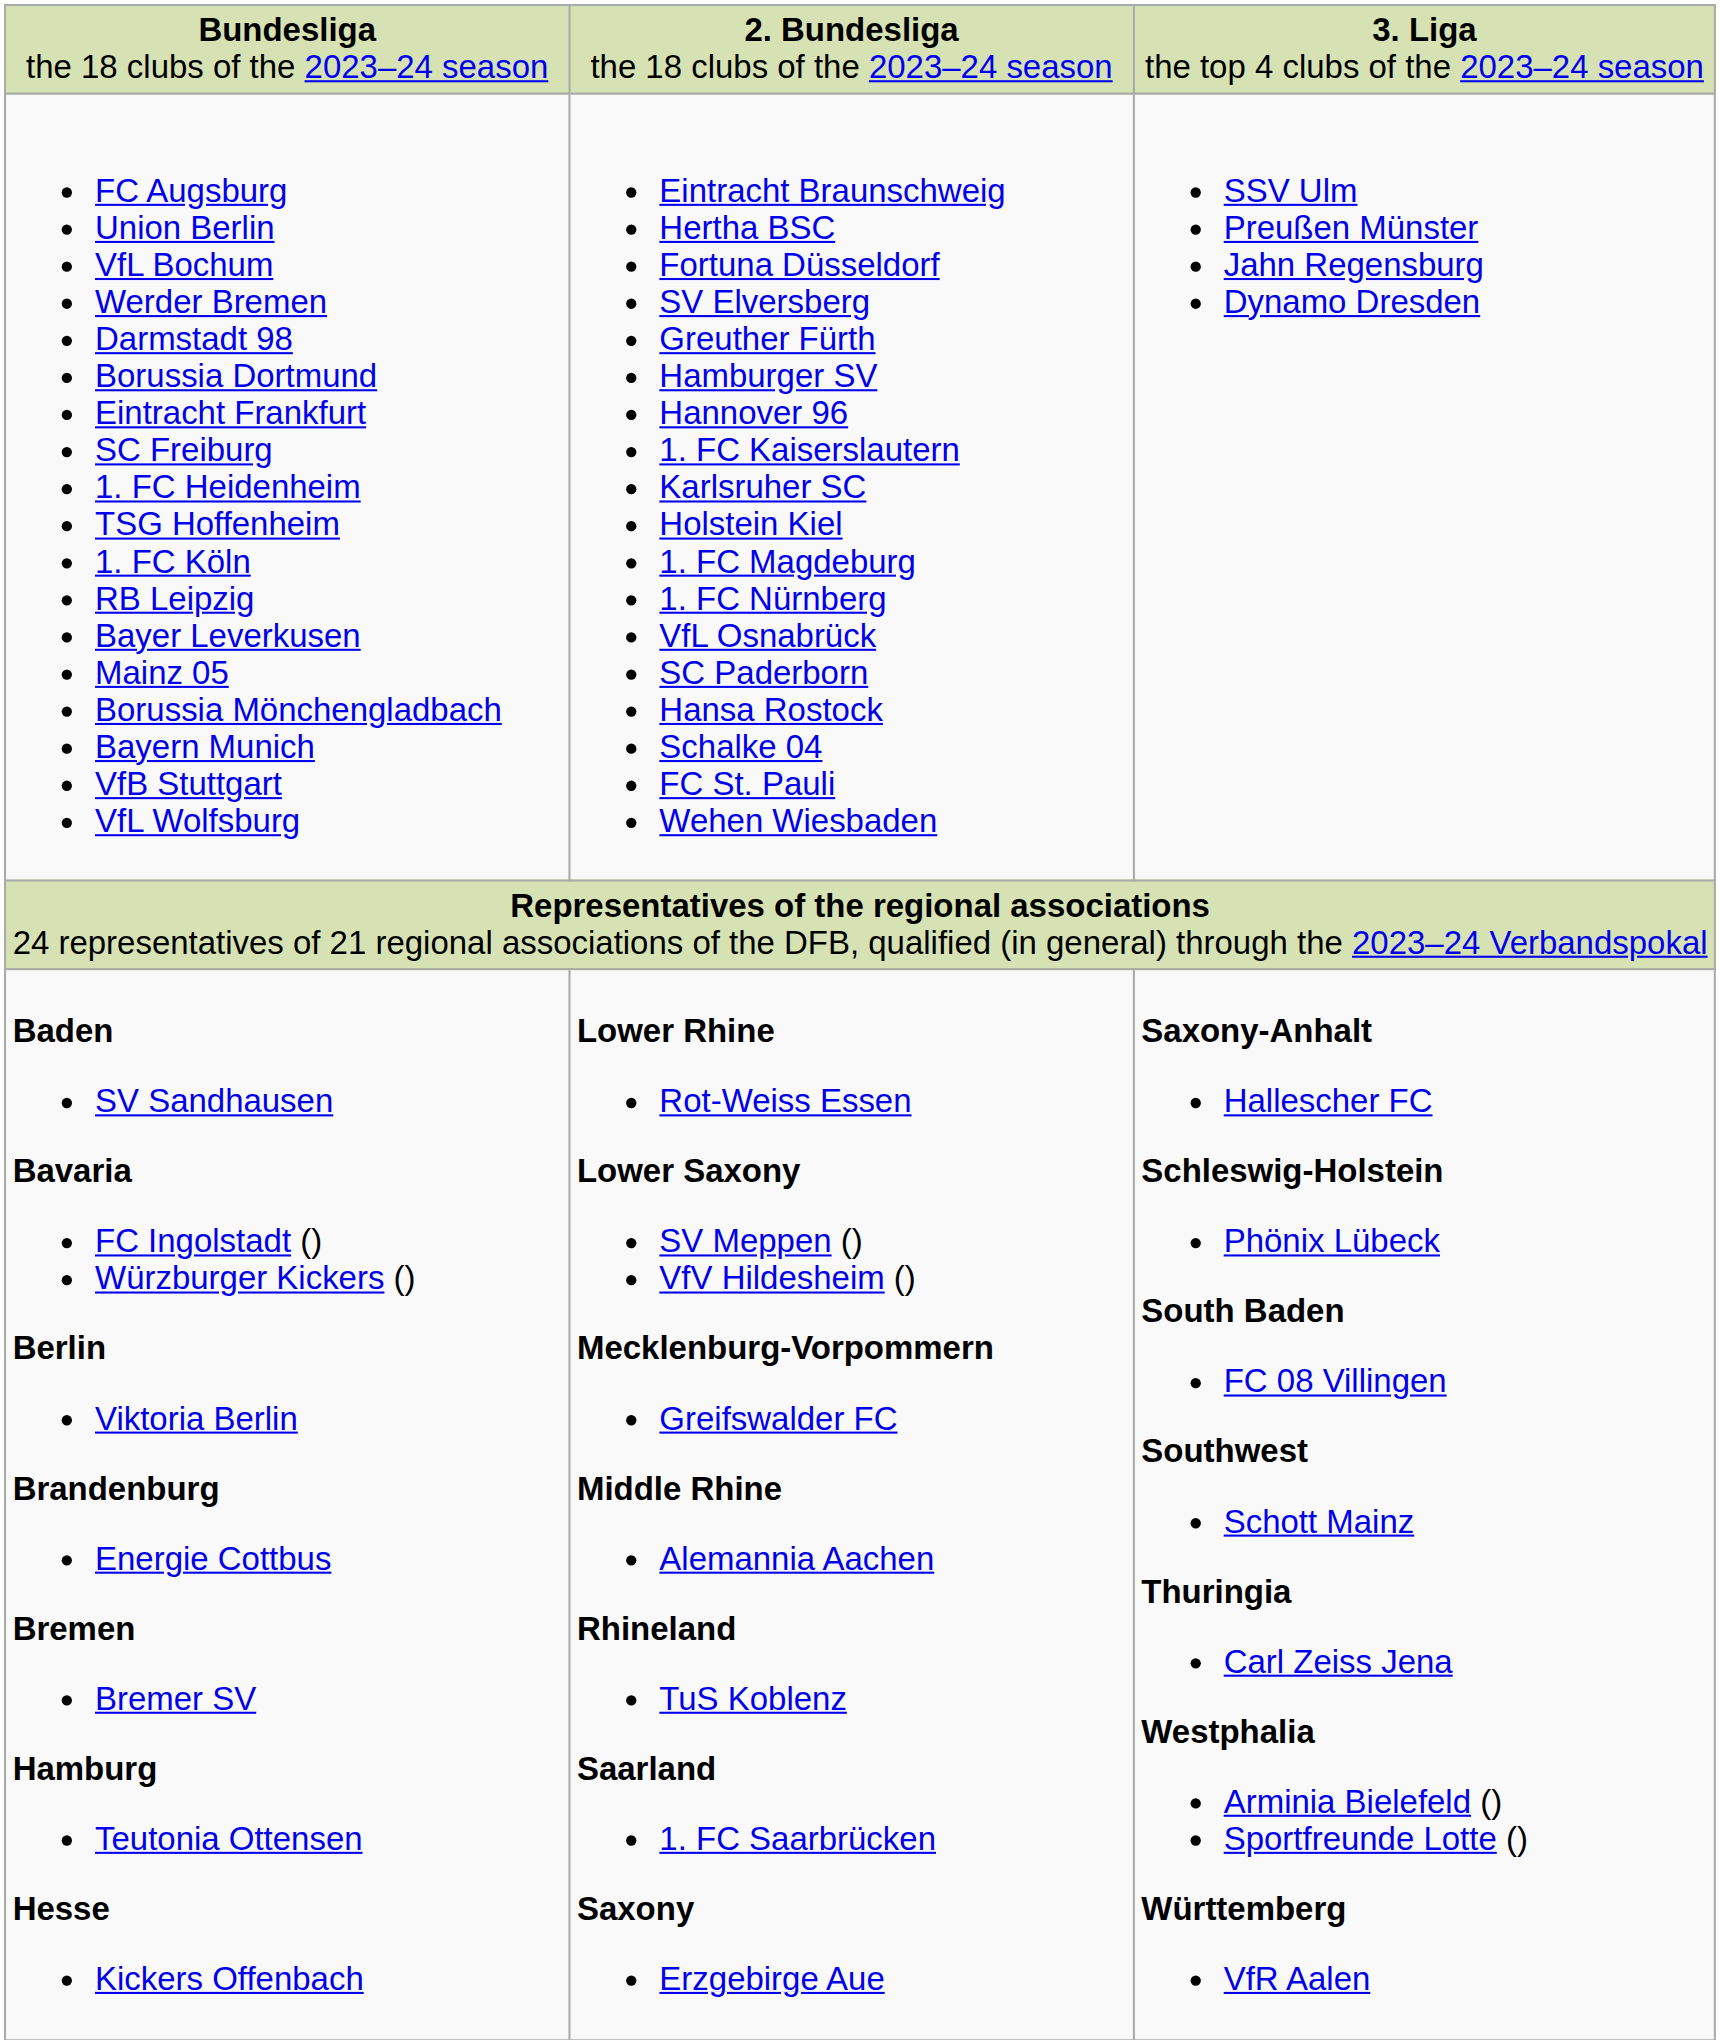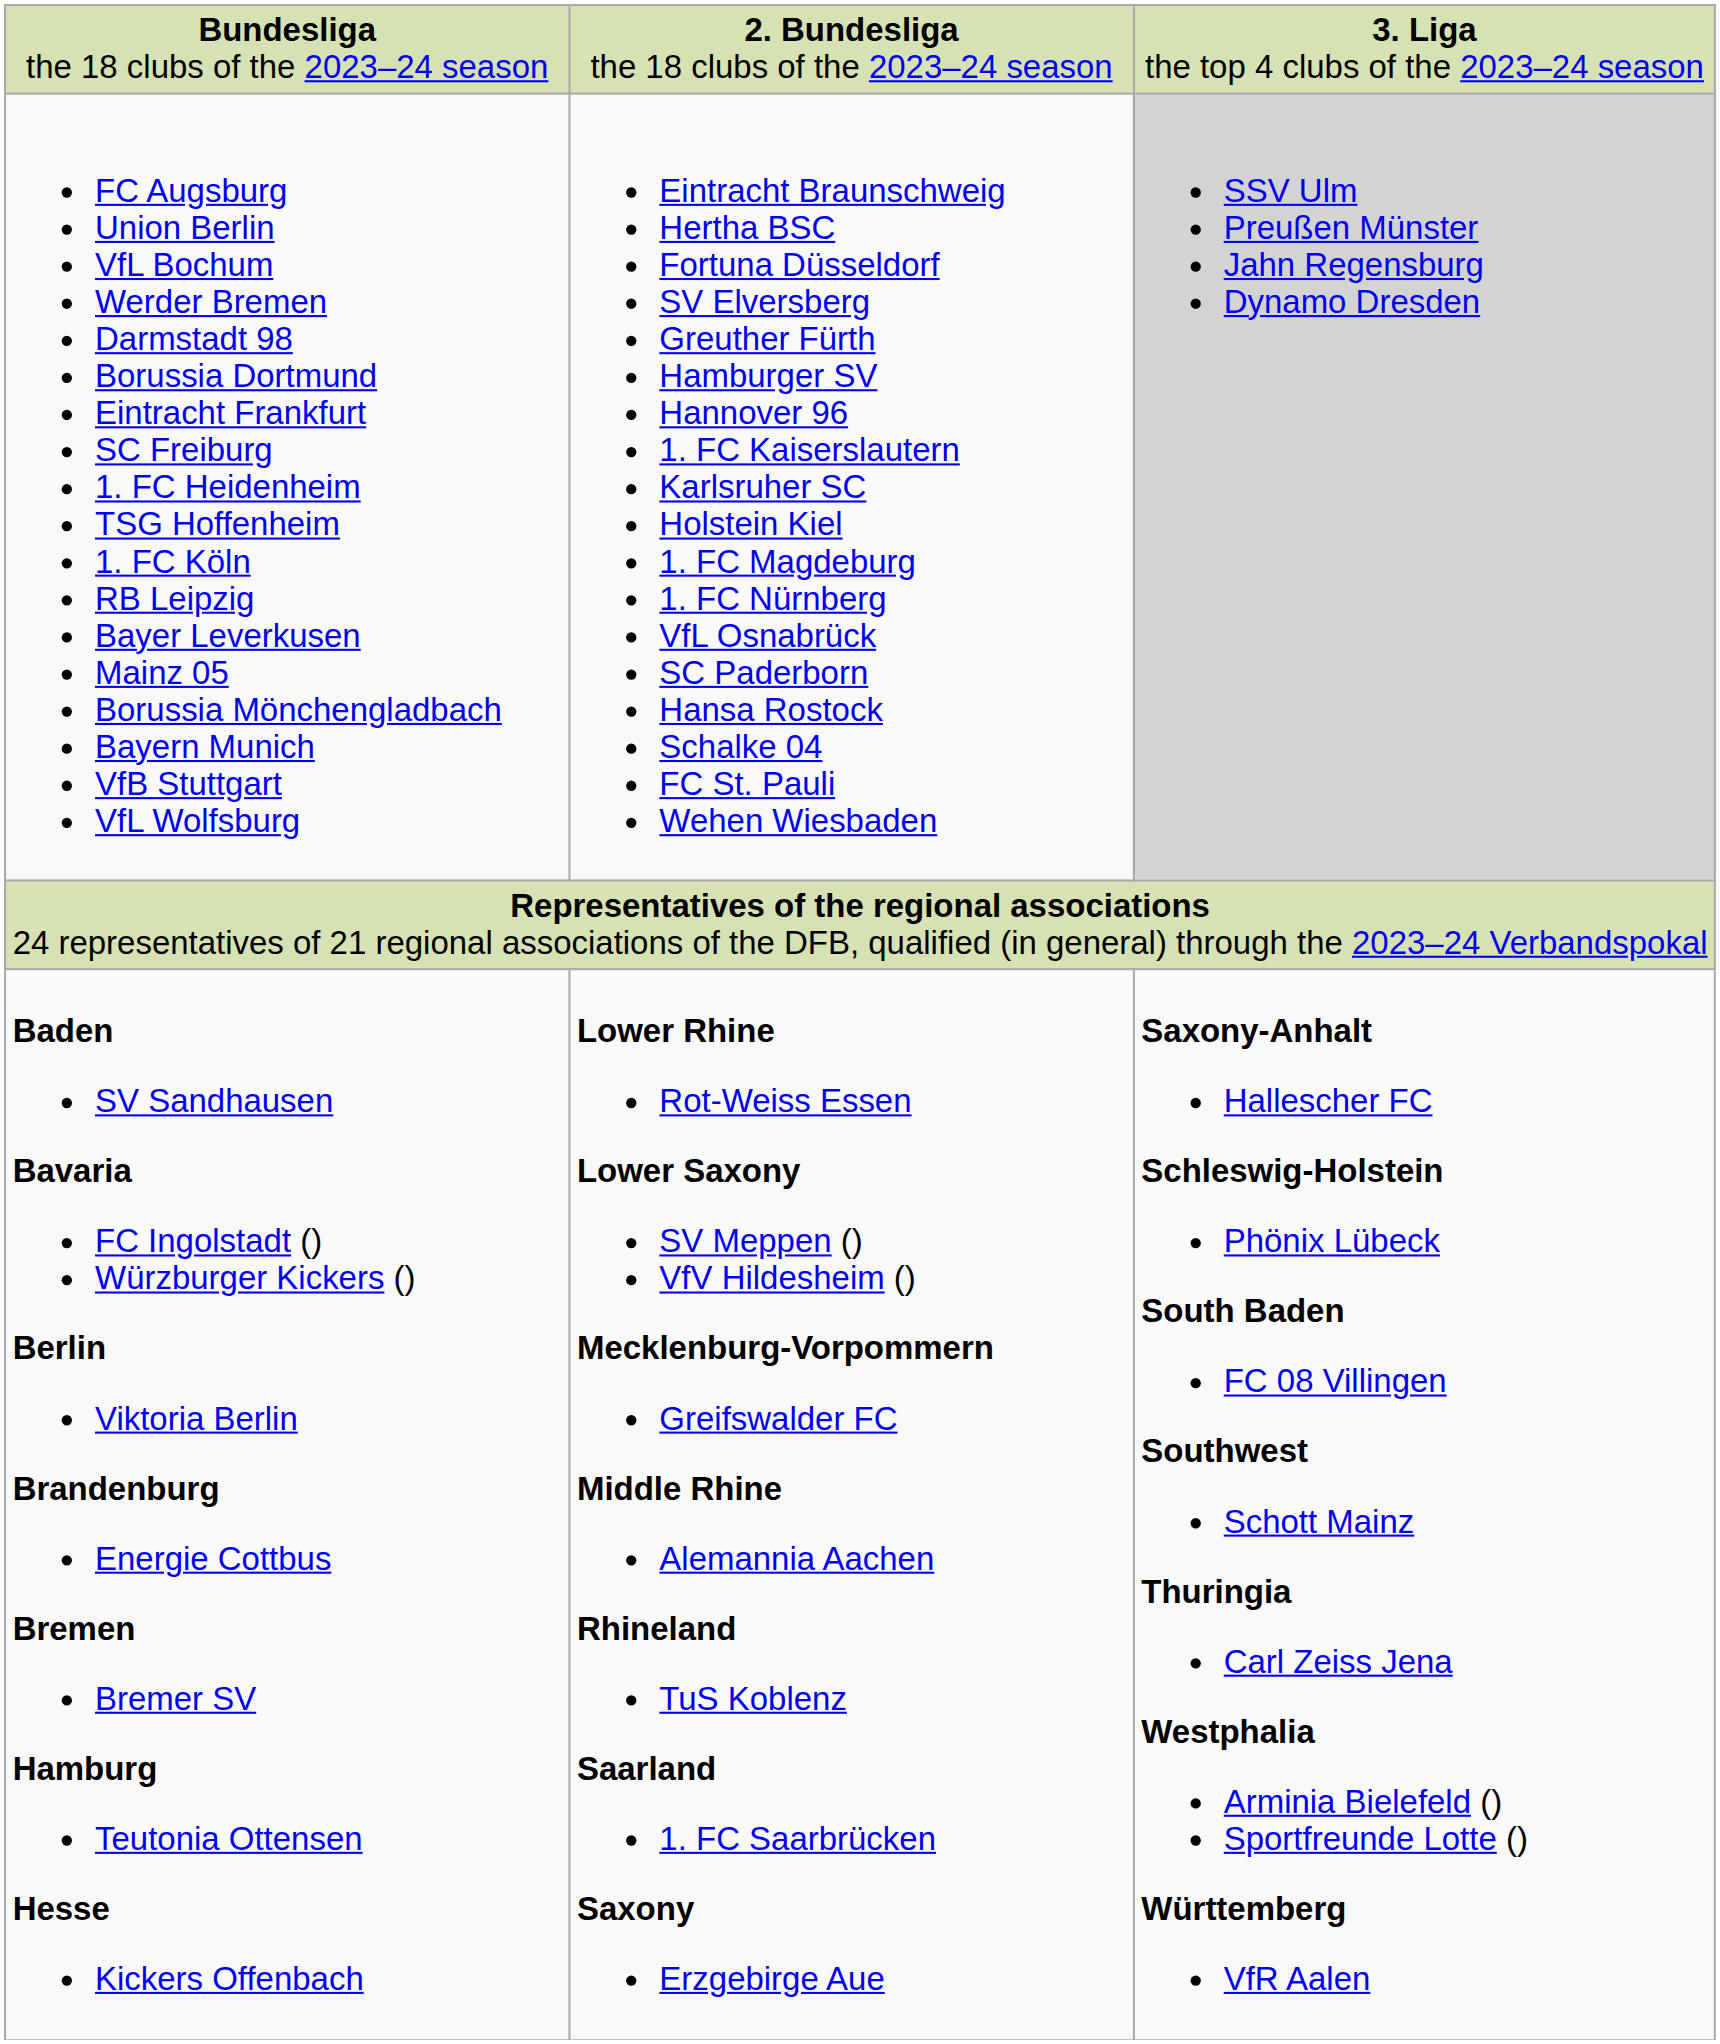 <table class="wikitable">
 <tr style="background:#D6E2B3; text-align:center; vertical-align:top;">
 <td style="width:33%"><strong>Bundesliga</strong><br>the 18 clubs of the <a href='#'>2023–24 season</a></td>
 <td style="width:33%"><strong>2. Bundesliga</strong><br>the 18 clubs of the <a href='#'>2023–24 season</a></td>
 <td style="width:34%"><strong>3. Liga</strong><br>the top 4 clubs of the <a href='#'>2023–24 season</a></td>
 </tr>
 <tr style="vertical-align:top">
 <td><br><ul><li><a href='#'>FC Augsburg</a></li><li><a href='#'>Union Berlin</a></li><li><a href='#'>VfL Bochum</a></li><li><a href='#'>Werder Bremen</a></li><li><a href='#'>Darmstadt 98</a></li><li><a href='#'>Borussia Dortmund</a></li><li><a href='#'>Eintracht Frankfurt</a></li><li><a href='#'>SC Freiburg</a></li><li><a href='#'>1. FC Heidenheim</a></li><li><a href='#'>TSG Hoffenheim</a></li><li><a href='#'>1. FC Köln</a></li><li><a href='#'>RB Leipzig</a></li><li><a href='#'>Bayer Leverkusen</a></li><li><a href='#'>Mainz 05</a></li><li><a href='#'>Borussia Mönchengladbach</a></li><li><a href='#'>Bayern Munich</a></li><li><a href='#'>VfB Stuttgart</a></li><li><a href='#'>VfL Wolfsburg</a></li></ul></td>
 <td><br><ul><li><a href='#'>Eintracht Braunschweig</a></li><li><a href='#'>Hertha BSC</a></li><li><a href='#'>Fortuna Düsseldorf</a></li><li><a href='#'>SV Elversberg</a></li><li><a href='#'>Greuther Fürth</a></li><li><a href='#'>Hamburger SV</a></li><li><a href='#'>Hannover 96</a></li><li><a href='#'>1. FC Kaiserslautern</a></li><li><a href='#'>Karlsruher SC</a></li><li><a href='#'>Holstein Kiel</a></li><li><a href='#'>1. FC Magdeburg</a></li><li><a href='#'>1. FC Nürnberg</a></li><li><a href='#'>VfL Osnabrück</a></li><li><a href='#'>SC Paderborn</a></li><li><a href='#'>Hansa Rostock</a></li><li><a href='#'>Schalke 04</a></li><li><a href='#'>FC St. Pauli</a></li><li><a href='#'>Wehen Wiesbaden</a></li></ul></td>
-<td><br><ul><li><a href='#'>SSV Ulm</a></li><li><a href='#'>Preußen Münster</a></li><li><a href='#'>Jahn Regensburg</a></li><li><a href='#'>Dynamo Dresden</a></li></ul></td>
+<td style="background: lightgrey;"><br><ul><li><a href='#'>SSV Ulm</a></li><li><a href='#'>Preußen Münster</a></li><li><a href='#'>Jahn Regensburg</a></li><li><a href='#'>Dynamo Dresden</a></li></ul></td>
 </tr>
 <tr style="background:#D6E2B3; text-align:center;">
 <td colspan="3"><strong>Representatives of the regional associations</strong><br>24 representatives of 21 regional associations of the DFB, qualified (in general) through the <a href='#'>2023–24 Verbandspokal</a></td>
 </tr>
 <tr style="vertical-align:top">
 <td><br><strong>Baden</strong><ul><li><a href='#'>SV Sandhausen</a></li></ul><strong>Bavaria</strong><ul><li><a href='#'>FC Ingolstadt</a> ()</li><li><a href='#'>Würzburger Kickers</a> ()</li></ul><strong>Berlin</strong><ul><li><a href='#'>Viktoria Berlin</a></li></ul><strong>Brandenburg</strong><ul><li><a href='#'>Energie Cottbus</a></li></ul><strong>Bremen</strong><ul><li><a href='#'>Bremer SV</a></li></ul><strong>Hamburg</strong><ul><li><a href='#'>Teutonia Ottensen</a></li></ul><strong>Hesse</strong><ul><li><a href='#'>Kickers Offenbach</a></li></ul></td>
 <td><br><strong>Lower Rhine</strong><ul><li><a href='#'>Rot-Weiss Essen</a></li></ul><strong>Lower Saxony</strong><ul><li><a href='#'>SV Meppen</a> ()</li><li><a href='#'>VfV Hildesheim</a> ()</li></ul><strong>Mecklenburg-Vorpommern</strong><ul><li><a href='#'>Greifswalder FC</a></li></ul><strong>Middle Rhine</strong><ul><li><a href='#'>Alemannia Aachen</a></li></ul><strong>Rhineland</strong><ul><li><a href='#'>TuS Koblenz</a></li></ul><strong>Saarland</strong><ul><li><a href='#'>1. FC Saarbrücken</a></li></ul><strong>Saxony</strong><ul><li><a href='#'>Erzgebirge Aue</a></li></ul></td>
 <td><br><strong>Saxony-Anhalt</strong><ul><li><a href='#'>Hallescher FC</a></li></ul><strong>Schleswig-Holstein</strong><ul><li><a href='#'>Phönix Lübeck</a></li></ul><strong>South Baden</strong><ul><li><a href='#'>FC 08 Villingen</a></li></ul><strong>Southwest</strong><ul><li><a href='#'>Schott Mainz</a></li></ul><strong>Thuringia</strong><ul><li><a href='#'>Carl Zeiss Jena</a></li></ul><strong>Westphalia</strong><ul><li><a href='#'>Arminia Bielefeld</a> ()</li><li><a href='#'>Sportfreunde Lotte</a> ()</li></ul><strong>Württemberg</strong><ul><li><a href='#'>VfR Aalen</a></li></ul></td>
 </tr>
 </table>
